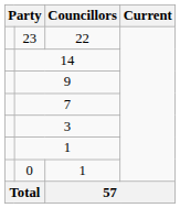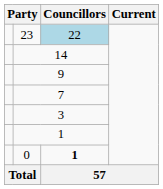 <table class="wikitable">
 <tr>
 <th colspan=2>Party</th>
 <th>Councillors</th>
 <th>Current</th>
 </tr>
 <tr>
 <td></td>
 <td align=center>23</td>
-<td align=center>22</td>
+<td align=center style="background: lightblue;">22</td>
 </tr>
 <tr>
 <td></td>
 <td align=center colspan=2>14</td>
 </tr>
 <tr>
 <td></td>
 <td align=center colspan=2>9</td>
 </tr>
 <tr>
 <td></td>
 <td align=center colspan=2>7</td>
 </tr>
 <tr>
 <td></td>
 <td align=center colspan=2>3</td>
 </tr>
 <tr>
 <td></td>
 <td align=center colspan=2>1</td>
 </tr>
 <tr>
 <td></td>
 <td align=center>0</td>
-<td align=center>1</td>
+<td align=center><strong>1</strong></td>
 </tr>
 <tr>
 <th colspan=2>Total</th>
 <th align=center colspan=2>57</th>
 </tr>
 </table>
